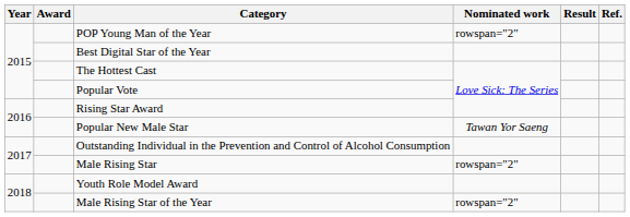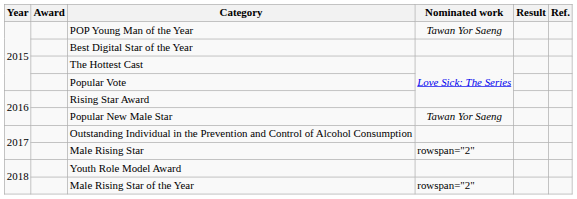 <table class="wikitable">
 <tr>
 <th>Year</th>
 <th>Award</th>
 <th>Category</th>
 <th>Nominated work</th>
 <th>Result</th>
 <th>Ref.</th>
 </tr>
 <tr>
 <td rowspan="4">2015</td>
 <td></td>
 <td>POP Young Man of the Year</td>
-<td>rowspan="2" </td>
+<td style="text-align:center;"><em>Tawan Yor Saeng</em></td>
 <td></td>
 <td></td>
 </tr>
 <tr>
 <td></td>
 <td>Best Digital Star of the Year</td>
 <td></td>
 <td></td>
 </tr>
 <tr>
 <td></td>
 <td>The Hottest Cast</td>
 <td rowspan="3" style="text-align:center;"><em><a href='#'>Love Sick: The Series</a></em></td>
 <td></td>
 <td></td>
 </tr>
 <tr>
 <td></td>
 <td>Popular Vote</td>
 <td></td>
 <td></td>
 </tr>
 <tr>
 <td rowspan="2">2016</td>
 <td></td>
 <td>Rising Star Award</td>
 <td></td>
 <td></td>
 </tr>
 <tr>
 <td></td>
 <td>Popular New Male Star</td>
 <td style="text-align:center;"><em>Tawan Yor Saeng</em></td>
 <td></td>
 <td></td>
 </tr>
 <tr>
 <td rowspan="2">2017</td>
 <td></td>
 <td>Outstanding Individual in the Prevention and Control of Alcohol Consumption</td>
 <td></td>
 <td></td>
 </tr>
 <tr>
 <td></td>
 <td>Male Rising Star</td>
 <td>rowspan="2" </td>
 <td></td>
 <td></td>
 </tr>
 <tr>
 <td rowspan="2">2018</td>
 <td></td>
 <td>Youth Role Model Award</td>
 <td></td>
 <td></td>
 <td></td>
 </tr>
 <tr>
 <td></td>
 <td>Male Rising Star of the Year</td>
 <td>rowspan="2" </td>
 <td></td>
 <td></td>
 </tr>
 </table>
